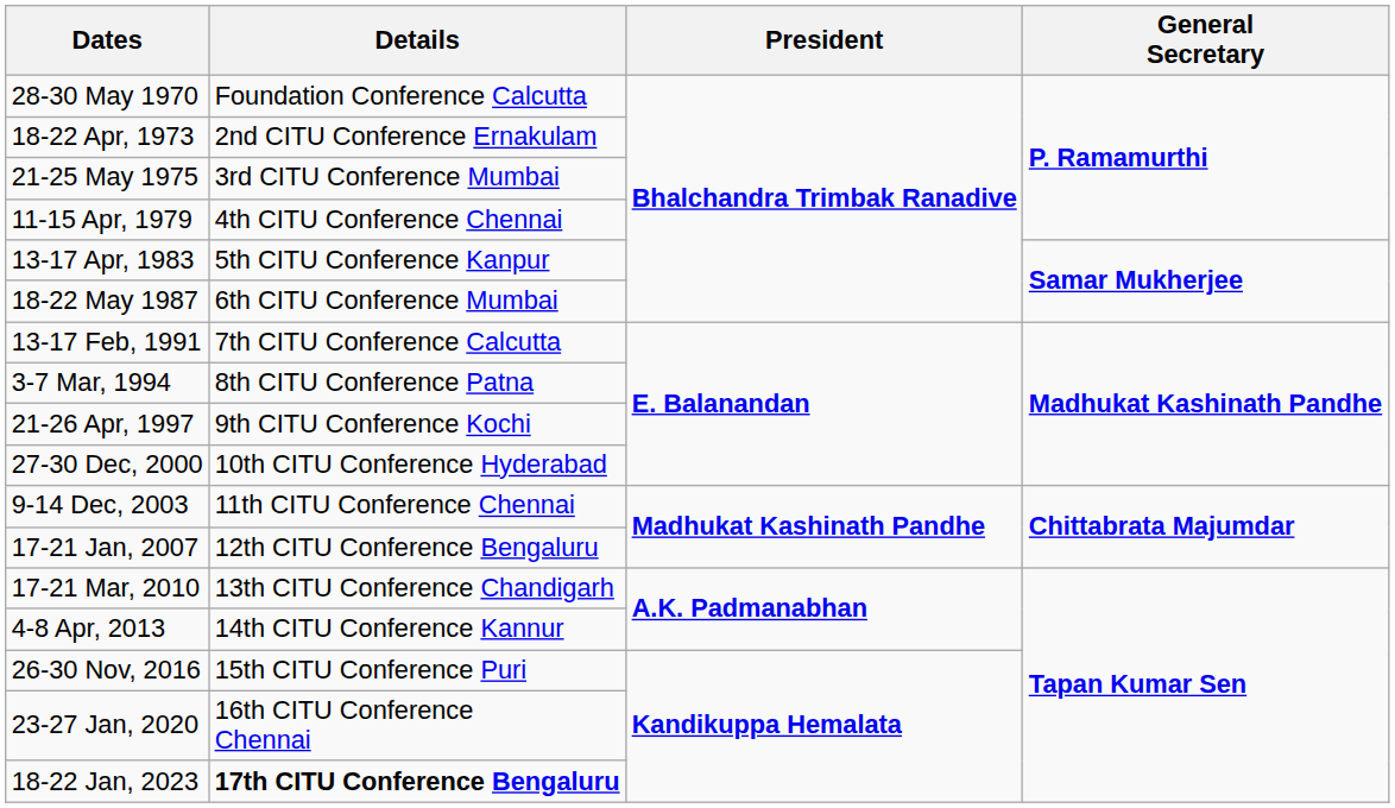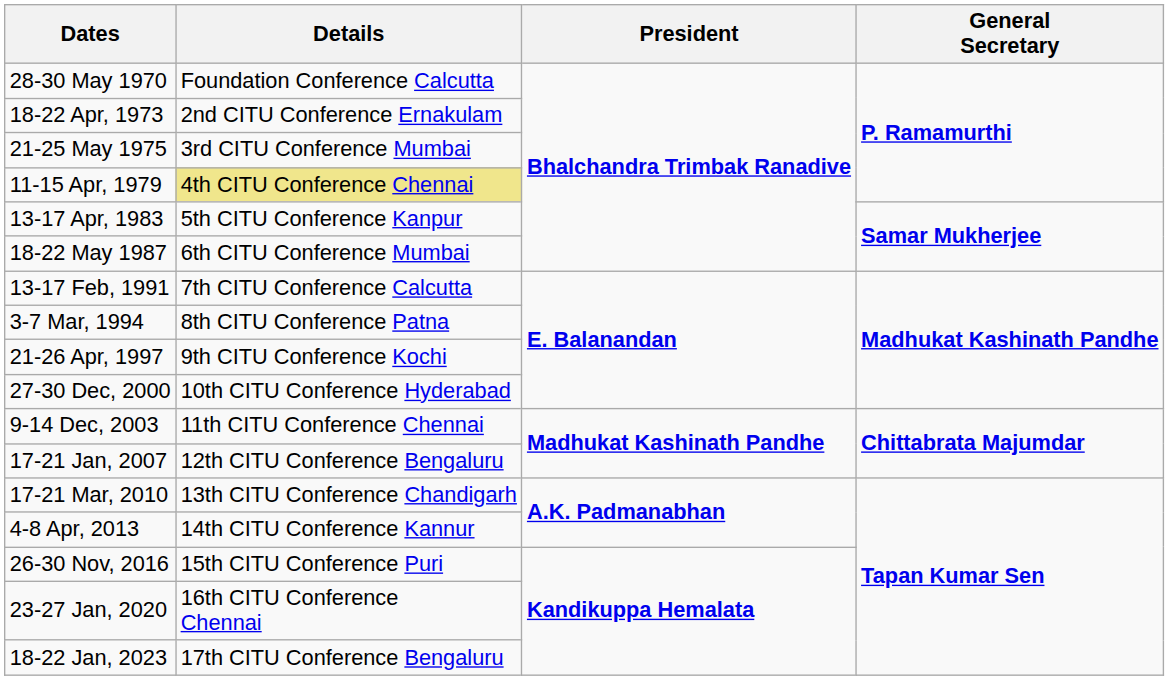 <table class="wikitable">
 <tr>
 <th>Dates</th>
 <th>Details</th>
 <th>President</th>
 <th>General<br>Secretary</th>
 </tr>
 <tr>
 <td>28-30 May 1970</td>
 <td>Foundation Conference <a href='#'>Calcutta</a></td>
 <td rowspan="6"><strong><a href='#'>Bhalchandra Trimbak Ranadive</a></strong></td>
 <td rowspan="4"><strong><a href='#'>P. Ramamurthi</a></strong></td>
 </tr>
 <tr>
 <td>18-22 Apr, 1973</td>
 <td>2nd CITU Conference <a href='#'>Ernakulam</a></td>
 </tr>
 <tr>
 <td>21-25 May 1975</td>
 <td>3rd CITU Conference <a href='#'>Mumbai</a></td>
 </tr>
 <tr>
 <td>11-15 Apr, 1979</td>
-<td>4th CITU Conference <a href='#'>Chennai</a></td>
+<td style="background: khaki;">4th CITU Conference <a href='#'>Chennai</a></td>
 </tr>
 <tr>
 <td>13-17 Apr, 1983</td>
 <td>5th CITU Conference <a href='#'>Kanpur</a></td>
 <td rowspan="2"><strong><a href='#'>Samar Mukherjee</a></strong></td>
 </tr>
 <tr>
 <td>18-22 May 1987</td>
 <td>6th CITU Conference <a href='#'>Mumbai</a></td>
 </tr>
 <tr>
 <td>13-17 Feb, 1991</td>
 <td>7th CITU Conference <a href='#'>Calcutta</a></td>
 <td rowspan="4"><strong><a href='#'>E. Balanandan</a></strong></td>
 <td rowspan="4"><a href='#'><strong>Madhukat Kashinath Pandhe</strong></a></td>
 </tr>
 <tr>
 <td>3-7 Mar, 1994</td>
 <td>8th CITU Conference <a href='#'>Patna</a></td>
 </tr>
 <tr>
 <td>21-26 Apr, 1997</td>
 <td>9th CITU Conference <a href='#'>Kochi</a></td>
 </tr>
 <tr>
 <td>27-30 Dec, 2000</td>
 <td>10th CITU Conference <a href='#'>Hyderabad</a></td>
 </tr>
 <tr>
 <td>9-14 Dec, 2003</td>
 <td>11th CITU Conference <a href='#'>Chennai</a></td>
 <td rowspan="2"><a href='#'><strong>Madhukat Kashinath Pandhe</strong></a></td>
 <td rowspan="2"><strong><a href='#'>Chittabrata Majumdar</a></strong></td>
 </tr>
 <tr>
 <td>17-21 Jan, 2007</td>
 <td>12th CITU Conference <a href='#'>Bengaluru</a></td>
 </tr>
 <tr>
 <td>17-21 Mar, 2010</td>
 <td>13th CITU Conference <a href='#'>Chandigarh</a></td>
 <td rowspan="2"><strong><a href='#'>A.K. Padmanabhan</a></strong></td>
 <td rowspan="5"><strong><a href='#'>Tapan Kumar Sen</a></strong></td>
 </tr>
 <tr>
 <td>4-8 Apr, 2013</td>
 <td>14th CITU Conference <a href='#'>Kannur</a></td>
 </tr>
 <tr>
 <td>26-30 Nov, 2016</td>
 <td>15th CITU Conference <a href='#'>Puri</a></td>
 <td rowspan="3"><a href='#'><strong>Kandikuppa Hemalata</strong></a></td>
 </tr>
 <tr>
 <td>23-27 Jan, 2020</td>
 <td>16th CITU Conference<br><a href='#'>Chennai</a></td>
 </tr>
 <tr>
 <td>18-22 Jan, 2023</td>
-<td><strong>17th CITU Conference <a href='#'>Bengaluru</a></strong></td>
+<td>17th CITU Conference <a href='#'>Bengaluru</a></td>
 </tr>
 </table>
